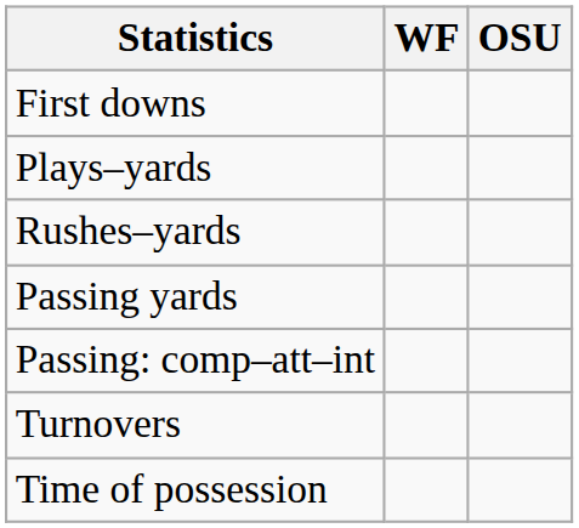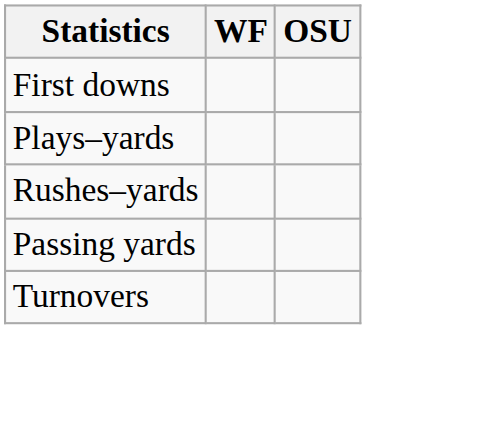 <table class="wikitable" style="float:left">
 <tr>
 <th>Statistics</th>
 <th>WF</th>
 <th>OSU</th>
 </tr>
 <tr>
 <td>First downs</td>
 <td></td>
 <td></td>
 </tr>
 <tr>
 <td>Plays–yards</td>
 <td></td>
 <td></td>
 </tr>
 <tr>
 <td>Rushes–yards</td>
 <td></td>
 <td></td>
 </tr>
 <tr>
 <td>Passing yards</td>
 <td></td>
 <td></td>
 </tr>
 <tr>
-<td>Passing: comp–att–int</td>
-<td></td>
-<td></td>
-</tr>
-<tr>
 <td>Turnovers</td>
 <td></td>
 <td></td>
 </tr>
-<tr>
-<td>Time of possession</td>
-<td></td>
-<td></td>
-</tr>
 </table>
